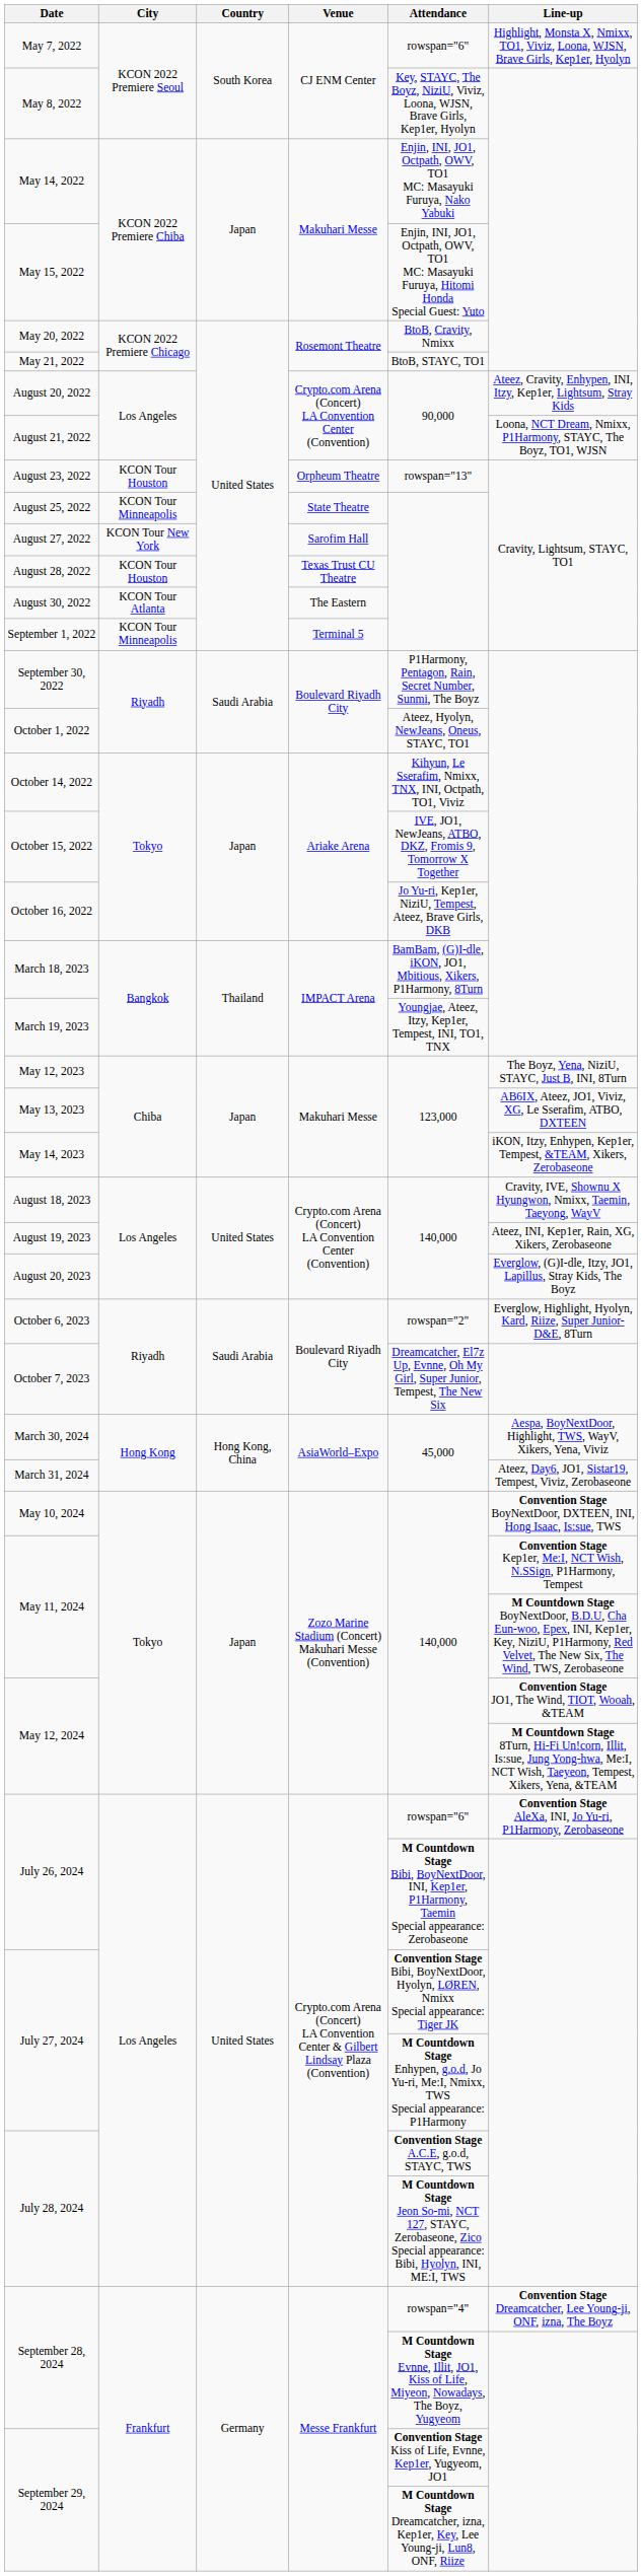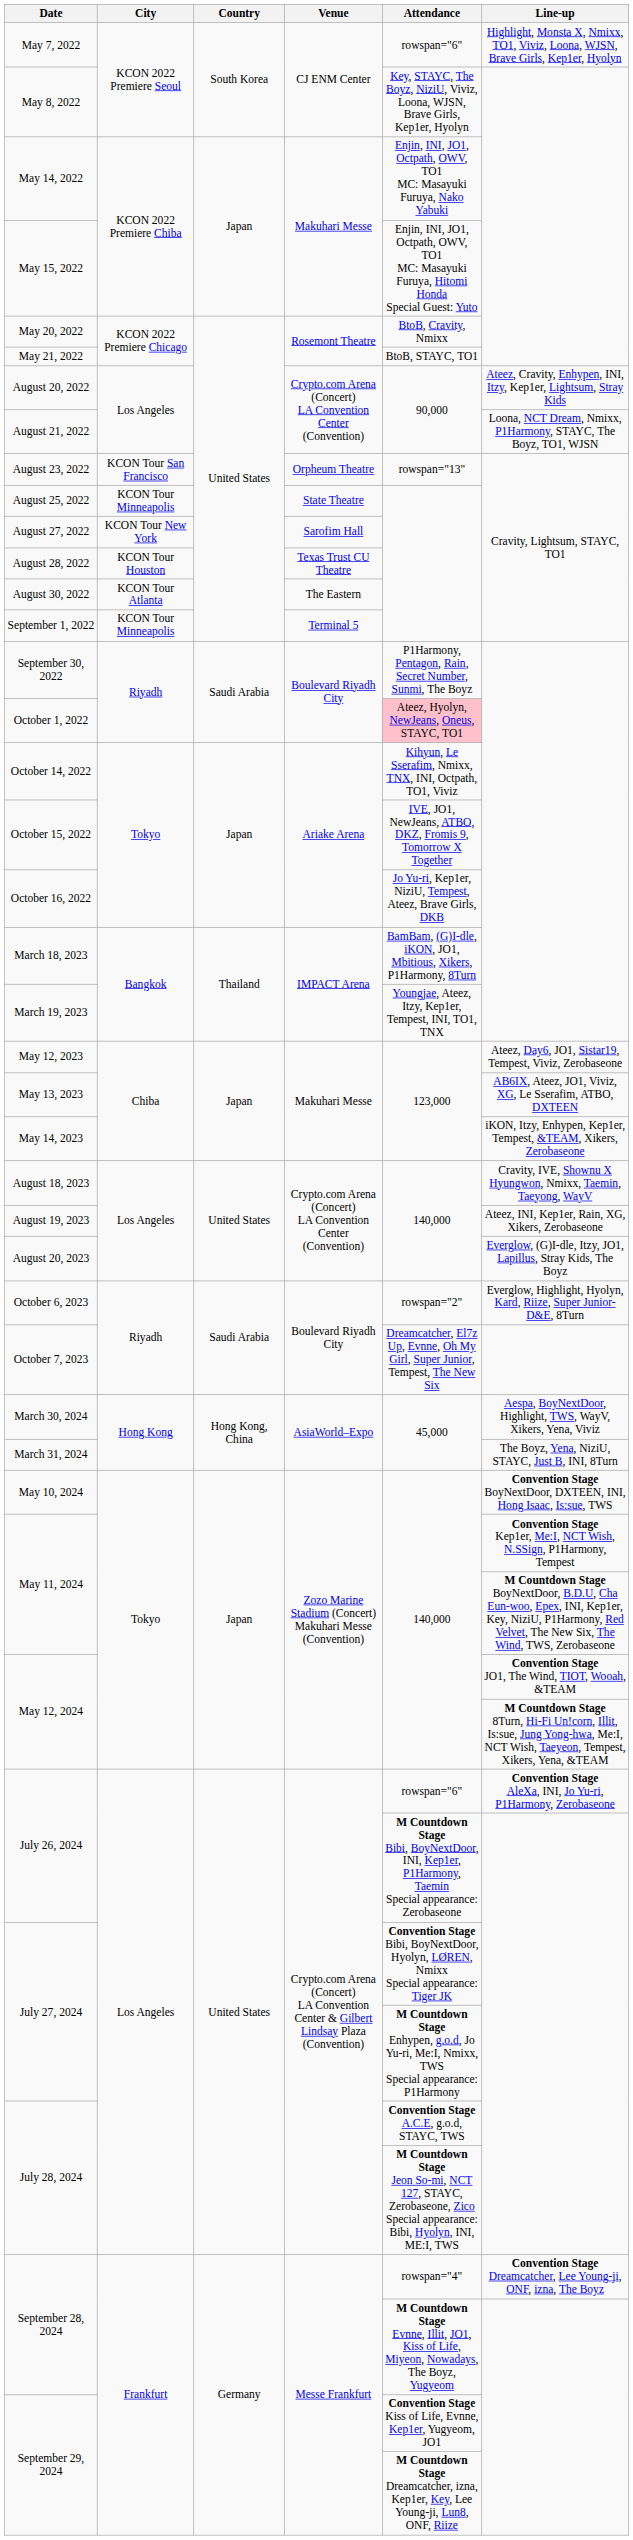 <table class="wikitable" style="text-align:center;">
 <tr>
 <th style="width:150px;">Date</th>
 <th style="width:150px;">City</th>
 <th style="width:150px;">Country</th>
 <th style="width:150px;">Venue</th>
 <th style="width:150px;">Attendance</th>
 <th style="width:250px;">Line-up</th>
 </tr>
 <tr>
 <td>May 7, 2022</td>
 <td rowspan="2">KCON 2022 Premiere <a href='#'>Seoul</a></td>
 <td rowspan="2">South Korea</td>
 <td rowspan="2">CJ ENM Center</td>
 <td>rowspan="6" </td>
 <td><a href='#'>Highlight</a>, <a href='#'>Monsta X</a>, <a href='#'>Nmixx</a>, <a href='#'>TO1</a>, <a href='#'>Viviz</a>, <a href='#'>Loona</a>, <a href='#'>WJSN</a>, <a href='#'>Brave Girls</a>, <a href='#'>Kep1er</a>, <a href='#'>Hyolyn</a></td>
 </tr>
 <tr>
 <td>May 8, 2022</td>
 <td><a href='#'>Key</a>, <a href='#'>STAYC</a>, <a href='#'>The Boyz</a>, <a href='#'>NiziU</a>, Viviz, Loona, WJSN, Brave Girls, Kep1er, Hyolyn</td>
 </tr>
 <tr>
 <td>May 14, 2022</td>
 <td rowspan="2">KCON 2022 Premiere <a href='#'>Chiba</a></td>
 <td rowspan="2">Japan</td>
 <td rowspan="2"><a href='#'>Makuhari Messe</a></td>
 <td><a href='#'>Enjin</a>, <a href='#'>INI</a>, <a href='#'>JO1</a>, <a href='#'>Octpath</a>, <a href='#'>OWV</a>, TO1 <br> MC: Masayuki Furuya, <a href='#'>Nako Yabuki</a></td>
 </tr>
 <tr>
 <td>May 15, 2022</td>
 <td>Enjin, INI, JO1, Octpath, OWV, TO1 <br> MC: Masayuki Furuya, <a href='#'>Hitomi Honda</a> <br> Special Guest: <a href='#'>Yuto</a></td>
 </tr>
 <tr>
 <td>May 20, 2022</td>
 <td rowspan="2">KCON 2022 Premiere <a href='#'>Chicago</a></td>
 <td rowspan="10">United States</td>
 <td rowspan="2"><a href='#'>Rosemont Theatre</a></td>
 <td><a href='#'>BtoB</a>, <a href='#'>Cravity</a>, Nmixx</td>
 </tr>
 <tr>
 <td>May 21, 2022</td>
 <td>BtoB, STAYC, TO1</td>
 </tr>
 <tr>
 <td>August 20, 2022</td>
 <td rowspan="2">Los Angeles</td>
 <td rowspan="2"><a href='#'>Crypto.com Arena</a> (Concert) <br> <a href='#'>LA Convention Center</a> (Convention)</td>
 <td rowspan="2">90,000</td>
 <td><a href='#'>Ateez</a>, Cravity, <a href='#'>Enhypen</a>, INI, <a href='#'>Itzy</a>, Kep1er, <a href='#'>Lightsum</a>, <a href='#'>Stray Kids</a></td>
 </tr>
 <tr>
 <td>August 21, 2022</td>
 <td>Loona, <a href='#'>NCT Dream</a>, Nmixx, <a href='#'>P1Harmony</a>, STAYC, The Boyz, TO1, WJSN</td>
 </tr>
 <tr>
 <td>August 23, 2022</td>
-<td>KCON Tour <a href='#'>Houston</a></td>
+<td>KCON Tour <a href='#'>San Francisco</a></td>
 <td><a href='#'>Orpheum Theatre</a></td>
 <td>rowspan="13" </td>
 <td rowspan="6">Cravity, Lightsum, STAYC, TO1</td>
 </tr>
 <tr>
 <td>August 25, 2022</td>
 <td>KCON Tour <a href='#'>Minneapolis</a></td>
 <td><a href='#'>State Theatre</a></td>
 </tr>
 <tr>
 <td>August 27, 2022</td>
 <td>KCON Tour <a href='#'>New York</a></td>
 <td><a href='#'>Sarofim Hall</a></td>
 </tr>
 <tr>
 <td>August 28, 2022</td>
 <td>KCON Tour <a href='#'>Houston</a></td>
 <td><a href='#'>Texas Trust CU Theatre</a></td>
 </tr>
 <tr>
 <td>August 30, 2022</td>
 <td>KCON Tour <a href='#'>Atlanta</a></td>
 <td>The Eastern</td>
 </tr>
 <tr>
 <td>September 1, 2022</td>
 <td>KCON Tour <a href='#'>Minneapolis</a></td>
 <td><a href='#'>Terminal 5</a></td>
 </tr>
 <tr>
 <td>September 30, 2022</td>
 <td rowspan="2"><a href='#'>Riyadh</a></td>
 <td rowspan="2">Saudi Arabia</td>
 <td rowspan="2"><a href='#'>Boulevard Riyadh City</a></td>
 <td>P1Harmony, <a href='#'>Pentagon</a>, <a href='#'>Rain</a>, <a href='#'>Secret Number</a>, <a href='#'>Sunmi</a>, The Boyz</td>
 </tr>
 <tr>
 <td>October 1, 2022</td>
-<td>Ateez, Hyolyn, <a href='#'>NewJeans</a>, <a href='#'>Oneus</a>, STAYC, TO1</td>
+<td style="background: pink;">Ateez, Hyolyn, <a href='#'>NewJeans</a>, <a href='#'>Oneus</a>, STAYC, TO1</td>
 </tr>
 <tr>
 <td>October 14, 2022</td>
 <td rowspan="3"><a href='#'>Tokyo</a></td>
 <td rowspan="3">Japan</td>
 <td rowspan="3"><a href='#'>Ariake Arena</a></td>
 <td><a href='#'>Kihyun</a>, <a href='#'>Le Sserafim</a>, Nmixx, <a href='#'>TNX</a>, INI, Octpath, TO1, Viviz</td>
 </tr>
 <tr>
 <td>October 15, 2022</td>
 <td><a href='#'>IVE</a>, JO1, NewJeans, <a href='#'>ATBO</a>, <a href='#'>DKZ</a>, <a href='#'>Fromis 9</a>, <a href='#'>Tomorrow X Together</a></td>
 </tr>
 <tr>
 <td>October 16, 2022</td>
 <td><a href='#'>Jo Yu-ri</a>, Kep1er, NiziU, <a href='#'>Tempest</a>, Ateez, Brave Girls, <a href='#'>DKB</a></td>
 </tr>
 <tr>
 <td>March 18, 2023</td>
 <td rowspan="2"><a href='#'>Bangkok</a></td>
 <td rowspan="2">Thailand</td>
 <td rowspan="2"><a href='#'>IMPACT Arena</a></td>
 <td><a href='#'>BamBam</a>, <a href='#'>(G)I-dle</a>, <a href='#'>iKON</a>, JO1, <a href='#'>Mbitious</a>, <a href='#'>Xikers</a>, P1Harmony, <a href='#'>8Turn</a></td>
 </tr>
 <tr>
 <td>March 19, 2023</td>
 <td><a href='#'>Youngjae</a>, Ateez, Itzy, Kep1er, Tempest, INI, TO1, TNX</td>
 </tr>
 <tr>
 <td>May 12, 2023</td>
 <td rowspan="3">Chiba</td>
 <td rowspan="3">Japan</td>
 <td rowspan="3">Makuhari Messe</td>
 <td rowspan="3">123,000</td>
-<td>The Boyz, <a href='#'>Yena</a>, NiziU, STAYC, <a href='#'>Just B</a>, INI, 8Turn</td>
+<td>Ateez, <a href='#'>Day6</a>, JO1, <a href='#'>Sistar19</a>, Tempest, Viviz, Zerobaseone</td>
 </tr>
 <tr>
 <td>May 13, 2023</td>
 <td><a href='#'>AB6IX</a>, Ateez, JO1, Viviz, <a href='#'>XG</a>, Le Sserafim, ATBO, <a href='#'>DXTEEN</a></td>
 </tr>
 <tr>
 <td>May 14, 2023</td>
 <td>iKON, Itzy, Enhypen, Kep1er, Tempest, <a href='#'>&TEAM</a>, Xikers, <a href='#'>Zerobaseone</a></td>
 </tr>
 <tr>
 <td>August 18, 2023</td>
 <td rowspan="3">Los Angeles</td>
 <td rowspan="3">United States</td>
 <td rowspan="3">Crypto.com Arena (Concert) <br> LA Convention Center (Convention)</td>
 <td rowspan="3">140,000</td>
 <td>Cravity, IVE, <a href='#'>Shownu X Hyungwon</a>, Nmixx, <a href='#'>Taemin</a>, <a href='#'>Taeyong</a>, <a href='#'>WayV</a></td>
 </tr>
 <tr>
 <td>August 19, 2023</td>
 <td>Ateez, INI, Kep1er, Rain, XG, Xikers, Zerobaseone</td>
 </tr>
 <tr>
 <td>August 20, 2023</td>
 <td><a href='#'>Everglow</a>, (G)I-dle, Itzy, JO1, <a href='#'>Lapillus</a>, Stray Kids, The Boyz</td>
 </tr>
 <tr>
 <td>October 6, 2023</td>
 <td rowspan="2">Riyadh</td>
 <td rowspan="2">Saudi Arabia</td>
 <td rowspan="2">Boulevard Riyadh City</td>
 <td>rowspan="2" </td>
 <td>Everglow, Highlight, Hyolyn, <a href='#'>Kard</a>, <a href='#'>Riize</a>, <a href='#'>Super Junior-D&E</a>, 8Turn</td>
 </tr>
 <tr>
 <td>October 7, 2023</td>
 <td><a href='#'>Dreamcatcher</a>, <a href='#'>El7z Up</a>, <a href='#'>Evnne</a>, <a href='#'>Oh My Girl</a>, <a href='#'>Super Junior</a>, Tempest, <a href='#'>The New Six</a></td>
 </tr>
 <tr>
 <td>March 30, 2024</td>
 <td rowspan="2"><a href='#'>Hong Kong</a></td>
 <td rowspan="2">Hong Kong, China</td>
 <td rowspan="2"><a href='#'>AsiaWorld–Expo</a></td>
 <td rowspan="2">45,000</td>
 <td><a href='#'>Aespa</a>, <a href='#'>BoyNextDoor</a>, Highlight, <a href='#'>TWS</a>, WayV, Xikers, Yena, Viviz</td>
 </tr>
 <tr>
 <td>March 31, 2024</td>
-<td>Ateez, <a href='#'>Day6</a>, JO1, <a href='#'>Sistar19</a>, Tempest, Viviz, Zerobaseone</td>
+<td>The Boyz, <a href='#'>Yena</a>, NiziU, STAYC, <a href='#'>Just B</a>, INI, 8Turn</td>
 </tr>
 <tr>
 <td>May 10, 2024</td>
 <td rowspan="5">Tokyo</td>
 <td rowspan="5">Japan</td>
 <td rowspan="5"><a href='#'>Zozo Marine Stadium</a> (Concert) <br> Makuhari Messe (Convention)</td>
 <td rowspan="5">140,000</td>
 <td><strong>Convention Stage</strong> <br> BoyNextDoor, DXTEEN, INI, <a href='#'>Hong Isaac</a>, <a href='#'>Is:sue</a>, TWS</td>
 </tr>
 <tr>
 <td rowspan="2">May 11, 2024</td>
 <td><strong>Convention Stage</strong> <br> Kep1er, <a href='#'>Me:I</a>, <a href='#'>NCT Wish</a>, <a href='#'>N.SSign</a>, P1Harmony, Tempest</td>
 </tr>
 <tr>
 <td><strong>M Countdown Stage</strong> <br> BoyNextDoor, <a href='#'>B.D.U</a>, <a href='#'>Cha Eun-woo</a>, <a href='#'>Epex</a>, INI, Kep1er, Key, NiziU, P1Harmony, <a href='#'>Red Velvet</a>, The New Six, <a href='#'>The Wind</a>, TWS, Zerobaseone</td>
 </tr>
 <tr>
 <td rowspan="2">May 12, 2024</td>
 <td><strong>Convention Stage</strong> <br> JO1, The Wind, <a href='#'>TIOT</a>, <a href='#'>Wooah</a>, &TEAM</td>
 </tr>
 <tr>
 <td><strong>M Countdown Stage</strong> <br> 8Turn, <a href='#'>Hi-Fi Un!corn</a>, <a href='#'>Illit</a>, Is:sue, <a href='#'>Jung Yong-hwa</a>, Me:I, NCT Wish, <a href='#'>Taeyeon</a>, Tempest, Xikers, Yena, &TEAM</td>
 </tr>
 <tr>
 <td rowspan="2">July 26, 2024</td>
 <td rowspan="6">Los Angeles</td>
 <td rowspan="6">United States</td>
 <td rowspan="6">Crypto.com Arena (Concert) <br> LA Convention Center & <a href='#'>Gilbert Lindsay</a> Plaza (Convention)</td>
 <td>rowspan="6" </td>
 <td><strong>Convention Stage</strong> <br> <a href='#'>AleXa</a>, INI, <a href='#'>Jo Yu-ri</a>, <a href='#'>P1Harmony</a>, <a href='#'>Zerobaseone</a></td>
 </tr>
 <tr>
 <td><strong>M Countdown Stage</strong> <br> <a href='#'>Bibi</a>, <a href='#'>BoyNextDoor</a>, INI, <a href='#'>Kep1er</a>, <a href='#'>P1Harmony</a>, <a href='#'>Taemin</a> <br> Special appearance: Zerobaseone</td>
 </tr>
 <tr>
 <td rowspan="2">July 27, 2024</td>
 <td><strong>Convention Stage</strong> <br> Bibi, BoyNextDoor, Hyolyn, <a href='#'>LØREN</a>, Nmixx <br> Special appearance: <a href='#'>Tiger JK</a></td>
 </tr>
 <tr>
 <td><strong>M Countdown Stage</strong> <br> Enhypen, <a href='#'>g.o.d</a>, Jo Yu-ri, Me:I, Nmixx, TWS <br> Special appearance: P1Harmony</td>
 </tr>
 <tr>
 <td rowspan="2">July 28, 2024</td>
 <td><strong>Convention Stage</strong> <br> <a href='#'>A.C.E</a>, g.o.d, STAYC, TWS</td>
 </tr>
 <tr>
 <td><strong>M Countdown Stage</strong> <br> <a href='#'>Jeon So-mi</a>, <a href='#'>NCT 127</a>, STAYC, Zerobaseone, <a href='#'>Zico</a> <br> Special appearance: Bibi, <a href='#'>Hyolyn</a>, INI, ME:I, TWS</td>
 </tr>
 <tr>
 <td rowspan="2">September 28, 2024</td>
 <td rowspan="4"><a href='#'>Frankfurt</a></td>
 <td rowspan="4">Germany</td>
 <td rowspan="4"><a href='#'>Messe Frankfurt</a></td>
 <td>rowspan="4" </td>
 <td><strong>Convention Stage</strong> <br> <a href='#'>Dreamcatcher</a>, <a href='#'>Lee Young-ji</a>, <a href='#'>ONF</a>, <a href='#'>izna</a>, <a href='#'>The Boyz</a></td>
 </tr>
 <tr>
 <td><strong>M Countdown Stage</strong> <br> <a href='#'>Evnne</a>, <a href='#'>Illit</a>, <a href='#'>JO1</a>, <a href='#'>Kiss of Life</a>, <a href='#'>Miyeon</a>, <a href='#'>Nowadays</a>, The Boyz, <a href='#'>Yugyeom</a></td>
 </tr>
 <tr>
 <td rowspan="2">September 29, 2024</td>
 <td><strong>Convention Stage</strong> <br> Kiss of Life, Evnne, <a href='#'>Kep1er</a>, Yugyeom, JO1</td>
 </tr>
 <tr>
 <td><strong>M Countdown Stage</strong> <br> Dreamcatcher, izna, Kep1er, <a href='#'>Key</a>, Lee Young-ji, <a href='#'>Lun8</a>, ONF, <a href='#'>Riize</a></td>
 </tr>
 </table>
